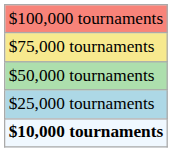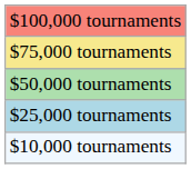 <table class="wikitable" style="font-size:85%">
 <tr style="background:#f88379;">
 <td>$100,000 tournaments</td>
 </tr>
 <tr bgcolor="#f7e98e">
 <td>$75,000 tournaments</td>
 </tr>
 <tr bgcolor="#addfad">
 <td>$50,000 tournaments</td>
 </tr>
 <tr bgcolor="#ADD8E6">
 <td>$25,000 tournaments</td>
 </tr>
 <tr bgcolor="#f0f8ff">
-<td><strong>$10,000 tournaments</strong></td>
+<td>$10,000 tournaments</td>
 </tr>
 </table>
